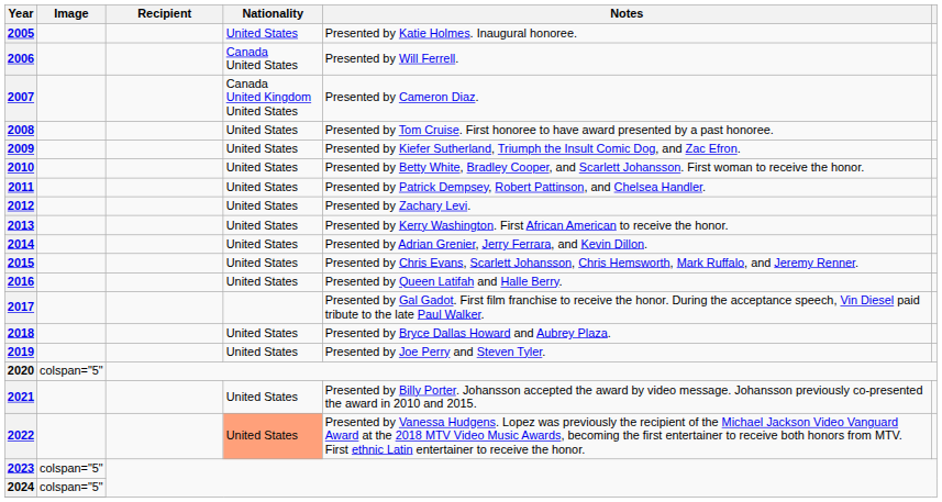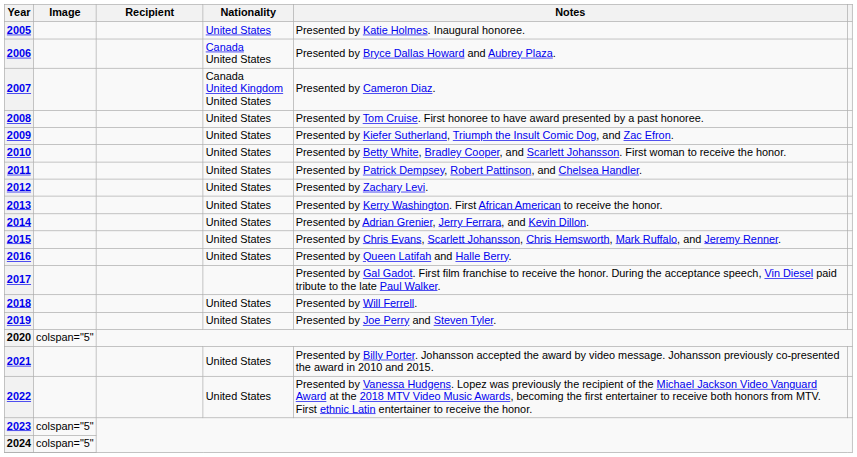 <table class="wikitable sortable">
 <tr>
 <th scope="col">Year</th>
 <th scope="col" class="unsortable">Image</th>
 <th scope="col" style="width:150px;">Recipient</th>
 <th scope="col" style="width:125px;">Nationality</th>
 <th scope="col" class="unsortable">Notes</th>
 <th scope="col" class="unsortable"></th>
 </tr>
 <tr>
 <th scope="row"><a href='#'>2005</a></th>
 <td></td>
 <td></td>
 <td><a href='#'>United States</a></td>
 <td>Presented by <a href='#'>Katie Holmes</a>. Inaugural honoree.</td>
 <td align="center"></td>
 </tr>
 <tr>
 <th scope="row"><a href='#'>2006</a></th>
 <td></td>
 <td></td>
 <td><a href='#'>Canada</a><br>United States</td>
-<td>Presented by <a href='#'>Will Ferrell</a>.</td>
+<td>Presented by <a href='#'>Bryce Dallas Howard</a> and <a href='#'>Aubrey Plaza</a>.</td>
 <td align="center"></td>
 </tr>
 <tr>
 <th scope="row"><a href='#'>2007</a></th>
 <td></td>
 <td></td>
 <td>Canada<br><a href='#'>United Kingdom</a><br>United States</td>
 <td>Presented by <a href='#'>Cameron Diaz</a>.</td>
 <td align="center"></td>
 </tr>
 <tr>
 <th scope="row"><a href='#'>2008</a></th>
 <td></td>
 <td></td>
 <td>United States</td>
 <td>Presented by <a href='#'>Tom Cruise</a>. First honoree to have award presented by a past honoree.</td>
 <td align="center"></td>
 </tr>
 <tr>
 <th scope="row"><a href='#'>2009</a></th>
 <td></td>
 <td></td>
 <td>United States</td>
 <td>Presented by <a href='#'>Kiefer Sutherland</a>, <a href='#'>Triumph the Insult Comic Dog</a>, and <a href='#'>Zac Efron</a>.</td>
 <td align="center"></td>
 </tr>
 <tr>
 <th scope="row"><a href='#'>2010</a></th>
 <td></td>
 <td></td>
 <td>United States</td>
 <td>Presented by <a href='#'>Betty White</a>, <a href='#'>Bradley Cooper</a>, and <a href='#'>Scarlett Johansson</a>. First woman to receive the honor.</td>
 <td align="center"></td>
 </tr>
 <tr>
 <th scope="row"><a href='#'>2011</a></th>
 <td></td>
 <td></td>
 <td>United States</td>
 <td>Presented by <a href='#'>Patrick Dempsey</a>, <a href='#'>Robert Pattinson</a>, and <a href='#'>Chelsea Handler</a>.</td>
 <td align="center"></td>
 </tr>
 <tr>
 <th scope="row"><a href='#'>2012</a></th>
 <td></td>
 <td></td>
 <td>United States</td>
 <td>Presented by <a href='#'>Zachary Levi</a>.</td>
 <td align="center"></td>
 </tr>
 <tr>
 <th scope="row"><a href='#'>2013</a></th>
 <td></td>
 <td></td>
 <td>United States</td>
 <td>Presented by <a href='#'>Kerry Washington</a>. First <a href='#'>African American</a> to receive the honor.</td>
 <td align="center"></td>
 </tr>
 <tr>
 <th scope="row"><a href='#'>2014</a></th>
 <td></td>
 <td></td>
 <td>United States</td>
 <td>Presented by <a href='#'>Adrian Grenier</a>, <a href='#'>Jerry Ferrara</a>, and <a href='#'>Kevin Dillon</a>.</td>
 <td align="center"></td>
 </tr>
 <tr>
 <th scope="row"><a href='#'>2015</a></th>
 <td></td>
 <td></td>
 <td>United States</td>
 <td>Presented by <a href='#'>Chris Evans</a>, <a href='#'>Scarlett Johansson</a>, <a href='#'>Chris Hemsworth</a>, <a href='#'>Mark Ruffalo</a>, and <a href='#'>Jeremy Renner</a>.</td>
 <td align="center"></td>
 </tr>
 <tr>
 <th scope="row"><a href='#'>2016</a></th>
 <td></td>
 <td></td>
 <td>United States</td>
 <td>Presented by <a href='#'>Queen Latifah</a> and <a href='#'>Halle Berry</a>.</td>
 <td align="center"></td>
 </tr>
 <tr>
 <th scope="row"><a href='#'>2017</a></th>
 <td></td>
 <td></td>
 <td></td>
 <td>Presented by <a href='#'>Gal Gadot</a>. First film franchise to receive the honor. During the acceptance speech, <a href='#'>Vin Diesel</a> paid tribute to the late <a href='#'>Paul Walker</a>.</td>
 <td align="center"></td>
 </tr>
 <tr>
 <th scope="row"><a href='#'>2018</a></th>
 <td></td>
 <td></td>
 <td>United States</td>
-<td>Presented by <a href='#'>Bryce Dallas Howard</a> and <a href='#'>Aubrey Plaza</a>.</td>
+<td>Presented by <a href='#'>Will Ferrell</a>.</td>
 <td align="center"></td>
 </tr>
 <tr>
 <th scope="row"><a href='#'>2019</a></th>
 <td></td>
 <td></td>
 <td>United States</td>
 <td>Presented by <a href='#'>Joe Perry</a> and <a href='#'>Steven Tyler</a>.</td>
 <td align="center"></td>
 </tr>
 <tr>
 <th scope="row">2020</th>
 <td>colspan="5" </td>
 </tr>
 <tr>
 <th scope="row"><a href='#'>2021</a></th>
 <td></td>
 <td></td>
 <td>United States</td>
 <td>Presented by <a href='#'>Billy Porter</a>. Johansson accepted the award by video message. Johansson previously co-presented the award in 2010 and 2015.</td>
 <td align="center"></td>
 </tr>
 <tr>
 <th scope="row"><a href='#'>2022</a></th>
 <td></td>
 <td></td>
-<td style="background: lightsalmon;">United States</td>
+<td>United States</td>
 <td>Presented by <a href='#'>Vanessa Hudgens</a>. Lopez was previously the recipient of the <a href='#'>Michael Jackson Video Vanguard Award</a> at the <a href='#'>2018 MTV Video Music Awards</a>, becoming the first entertainer to receive both honors from MTV. First <a href='#'>ethnic Latin</a> entertainer to receive the honor.</td>
 <td align="center"></td>
 </tr>
 <tr>
 <th scope="row"><a href='#'>2023</a></th>
 <td>colspan="5" </td>
 </tr>
 <tr>
 <th scope="row">2024</th>
 <td>colspan="5" </td>
 </tr>
 <tr>
 </tr>
 </table>
